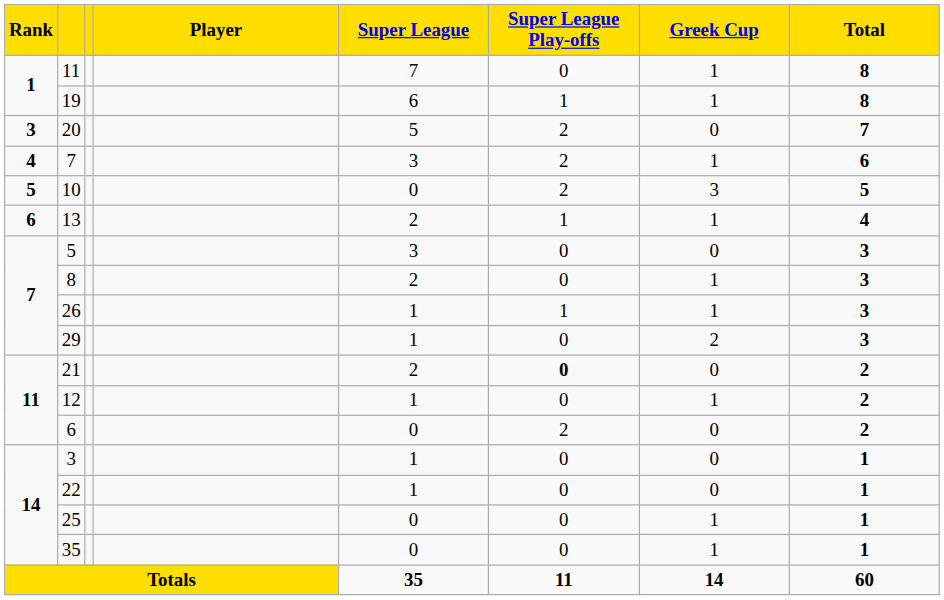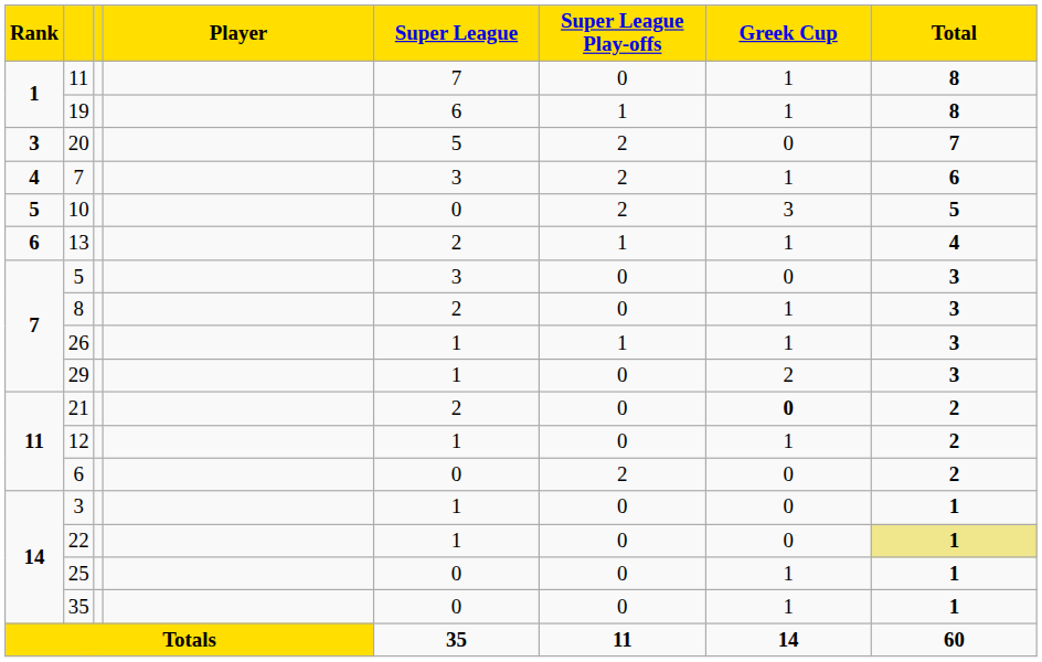 <table class="wikitable sortable" style="text-align: center">
 <tr>
 <th style="background:#FFDE00">Rank</th>
 <th style="background:#FFDE00"></th>
 <th style="background:#FFDE00"></th>
 <th width=200 style="background:#FFDE00">Player</th>
 <th width=120 style="background:#FFDE00"><a href='#'>Super League</a></th>
 <th width=120 style="background:#FFDE00"><a href='#'>Super League Play-offs</a></th>
 <th width=120 style="background:#FFDE00"><a href='#'>Greek Cup</a></th>
 <th width=120 style="background:#FFDE00">Total</th>
 </tr>
 <tr>
 <td rowspan=2><strong>1</strong></td>
 <td>11</td>
 <td></td>
 <td align=left></td>
 <td>7</td>
 <td>0</td>
 <td>1</td>
 <td><strong>8</strong></td>
 </tr>
 <tr>
 <td>19</td>
 <td></td>
 <td align=left></td>
 <td>6</td>
 <td>1</td>
 <td>1</td>
 <td><strong>8</strong></td>
 </tr>
 <tr>
 <td><strong>3</strong></td>
 <td>20</td>
 <td></td>
 <td align=left></td>
 <td>5</td>
 <td>2</td>
 <td>0</td>
 <td><strong>7</strong></td>
 </tr>
 <tr>
 <td><strong>4</strong></td>
 <td>7</td>
 <td></td>
 <td align=left></td>
 <td>3</td>
 <td>2</td>
 <td>1</td>
 <td><strong>6</strong></td>
 </tr>
 <tr>
 <td><strong>5</strong></td>
 <td>10</td>
 <td></td>
 <td align=left></td>
 <td>0</td>
 <td>2</td>
 <td>3</td>
 <td><strong>5</strong></td>
 </tr>
 <tr>
 <td><strong>6</strong></td>
 <td>13</td>
 <td></td>
 <td align=left></td>
 <td>2</td>
 <td>1</td>
 <td>1</td>
 <td><strong>4</strong></td>
 </tr>
 <tr>
 <td rowspan=4><strong>7</strong></td>
 <td>5</td>
 <td></td>
 <td align=left></td>
 <td>3</td>
 <td>0</td>
 <td>0</td>
 <td><strong>3</strong></td>
 </tr>
 <tr>
 <td>8</td>
 <td></td>
 <td align=left></td>
 <td>2</td>
 <td>0</td>
 <td>1</td>
 <td><strong>3</strong></td>
 </tr>
 <tr>
 <td>26</td>
 <td></td>
 <td align=left></td>
 <td>1</td>
 <td>1</td>
 <td>1</td>
 <td><strong>3</strong></td>
 </tr>
 <tr>
 <td>29</td>
 <td></td>
 <td align=left></td>
 <td>1</td>
 <td>0</td>
 <td>2</td>
 <td><strong>3</strong></td>
 </tr>
 <tr>
 <td rowspan=3><strong>11</strong></td>
 <td>21</td>
 <td></td>
 <td align=left></td>
 <td>2</td>
+<td>0</td>
 <td><strong>0</strong></td>
-<td>0</td>
 <td><strong>2</strong></td>
 </tr>
 <tr>
 <td>12</td>
 <td></td>
 <td align=left></td>
 <td>1</td>
 <td>0</td>
 <td>1</td>
 <td><strong>2</strong></td>
 </tr>
 <tr>
 <td>6</td>
 <td></td>
 <td align=left></td>
 <td>0</td>
 <td>2</td>
 <td>0</td>
 <td><strong>2</strong></td>
 </tr>
 <tr>
 <td rowspan=4><strong>14</strong></td>
 <td>3</td>
 <td></td>
 <td align=left></td>
 <td>1</td>
 <td>0</td>
 <td>0</td>
 <td><strong>1</strong></td>
 </tr>
 <tr>
 <td>22</td>
 <td></td>
 <td align=left></td>
 <td>1</td>
 <td>0</td>
 <td>0</td>
-<td><strong>1</strong></td>
+<td style="background: khaki;"><strong>1</strong></td>
 </tr>
 <tr>
 <td>25</td>
 <td></td>
 <td align=left></td>
 <td>0</td>
 <td>0</td>
 <td>1</td>
 <td><strong>1</strong></td>
 </tr>
 <tr>
 <td>35</td>
 <td></td>
 <td align=left></td>
 <td>0</td>
 <td>0</td>
 <td>1</td>
 <td><strong>1</strong></td>
 </tr>
 <tr class="sortbottom">
 <th colspan=4 style="background:#FFDE00"><strong>Totals</strong></th>
 <td><strong>35</strong></td>
 <td><strong>11</strong></td>
 <td><strong>14</strong></td>
 <td><strong>60</strong></td>
 </tr>
 </table>
